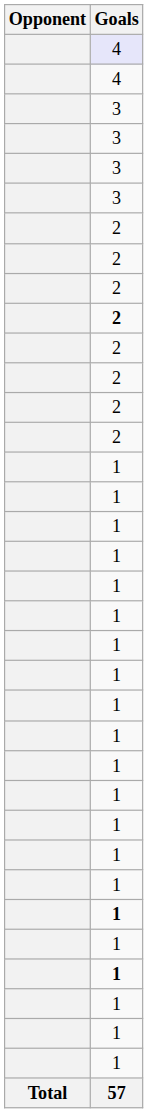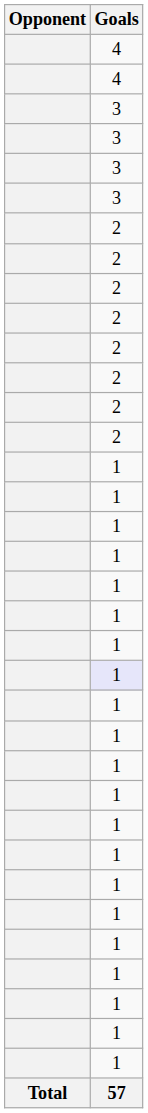 <table class="wikitable plainrowheaders sortable" style="text-align:center; font-size:95%">
 <tr>
 <th scope="col">Opponent</th>
 <th scope="col">Goals</th>
 </tr>
 <tr>
 <th scope="row"></th>
-<td style="background: lavender;">4</td>
+<td>4</td>
 </tr>
 <tr>
 <th scope="row"></th>
 <td>4</td>
 </tr>
 <tr>
 <th scope="row"></th>
 <td>3</td>
 </tr>
 <tr>
 <th scope="row"></th>
 <td>3</td>
 </tr>
 <tr>
 <th scope="row"></th>
 <td>3</td>
 </tr>
 <tr>
 <th scope="row"></th>
 <td>3</td>
 </tr>
 <tr>
 <th scope="row"></th>
 <td>2</td>
 </tr>
 <tr>
 <th scope="row"></th>
 <td>2</td>
 </tr>
 <tr>
 <th scope="row"></th>
 <td>2</td>
 </tr>
 <tr>
 <th scope="row"></th>
-<td><strong>2</strong></td>
+<td>2</td>
 </tr>
 <tr>
 <th scope="row"></th>
 <td>2</td>
 </tr>
 <tr>
 <th scope="row"></th>
 <td>2</td>
 </tr>
 <tr>
 <th scope="row"></th>
 <td>2</td>
 </tr>
 <tr>
 <th scope="row"></th>
 <td>2</td>
+</tr>
+<tr>
+<th scope="row"></th>
+<td>1</td>
+</tr>
+<tr>
+<th scope="row"></th>
+<td>1</td>
+</tr>
+<tr>
+<th scope="row"></th>
+<td>1</td>
+</tr>
+<tr>
+<th scope="row"></th>
+<td>1</td>
+</tr>
+<tr>
+<th scope="row"></th>
+<td>1</td>
+</tr>
+<tr>
+<th scope="row"></th>
+<td>1</td>
+</tr>
+<tr>
+<th scope="row"></th>
+<td>1</td>
+</tr>
+<tr>
+<th scope="row"></th>
+<td style="background: lavender;">1</td>
 </tr>
 <tr>
 <th scope="row"></th>
 <td>1</td>
 </tr>
 <tr>
 <th scope="row"></th>
 <td>1</td>
 </tr>
 <tr>
 <th scope="row"></th>
 <td>1</td>
 </tr>
 <tr>
 <th scope="row"></th>
 <td>1</td>
 </tr>
 <tr>
 <th scope="row"></th>
 <td>1</td>
 </tr>
 <tr>
 <th scope="row"></th>
 <td>1</td>
 </tr>
 <tr>
 <th scope="row"></th>
 <td>1</td>
 </tr>
 <tr>
 <th scope="row"></th>
 <td>1</td>
 </tr>
 <tr>
 <th scope="row"></th>
 <td>1</td>
 </tr>
 <tr>
 <th scope="row"></th>
 <td>1</td>
 </tr>
 <tr>
 <th scope="row"></th>
 <td>1</td>
 </tr>
 <tr>
 <th scope="row"></th>
 <td>1</td>
 </tr>
 <tr>
 <th scope="row"></th>
 <td>1</td>
 </tr>
 <tr>
-<th scope="row"></th>
-<td>1</td>
-</tr>
-<tr>
-<th scope="row"></th>
-<td>1</td>
-</tr>
-<tr>
-<th scope="row"></th>
-<td><strong>1</strong></td>
-</tr>
-<tr>
-<th scope="row"></th>
-<td>1</td>
-</tr>
-<tr>
-<th scope="row"></th>
-<td><strong>1</strong></td>
-</tr>
-<tr>
-<th scope="row"></th>
-<td>1</td>
-</tr>
-<tr>
-<th scope="row"></th>
-<td>1</td>
-</tr>
-<tr>
-<th scope="row"></th>
-<td>1</td>
-</tr>
-<tr>
 <th>Total</th>
 <th>57</th>
 </tr>
 </table>
